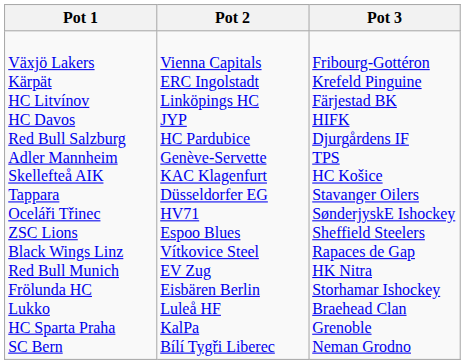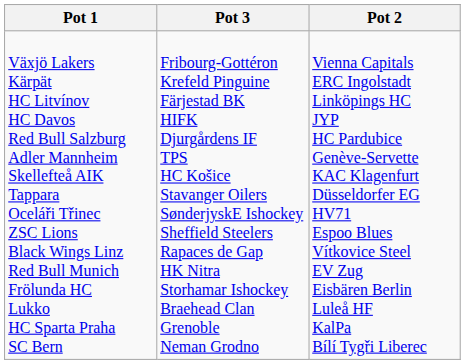 <table class="wikitable" style="font-size: 95%;">
 <tr>
 <th width=33%>Pot 1</th>
+<th width=33%>Pot 3</th>
 <th width=33%>Pot 2</th>
-<th width=33%>Pot 3</th>
 </tr>
 <tr>
 <td><br> <a href='#'>Växjö Lakers</a><br>  <a href='#'>Kärpät</a><br>  <a href='#'>HC Litvínov</a><br>  <a href='#'>HC Davos</a><br>  <a href='#'>Red Bull Salzburg</a><br>  <a href='#'>Adler Mannheim</a><br>  <a href='#'>Skellefteå AIK</a><br>  <a href='#'>Tappara</a><br>  <a href='#'>Oceláři Třinec</a><br>  <a href='#'>ZSC Lions</a><br>  <a href='#'>Black Wings Linz</a><br>  <a href='#'>Red Bull Munich</a><br>  <a href='#'>Frölunda HC</a><br>  <a href='#'>Lukko</a><br>  <a href='#'>HC Sparta Praha</a><br>  <a href='#'>SC Bern</a></td>
+<td><br> <a href='#'>Fribourg-Gottéron</a><br>  <a href='#'>Krefeld Pinguine</a><br>  <a href='#'>Färjestad BK</a><br>  <a href='#'>HIFK</a><br>  <a href='#'>Djurgårdens IF</a><br>  <a href='#'>TPS</a><br>  <a href='#'>HC Košice</a><br>  <a href='#'>Stavanger Oilers</a><br>  <a href='#'>SønderjyskE Ishockey</a><br>  <a href='#'>Sheffield Steelers</a><br>  <a href='#'>Rapaces de Gap</a><br>  <a href='#'>HK Nitra</a><br>  <a href='#'>Storhamar Ishockey</a><br>  <a href='#'>Braehead Clan</a><br>  <a href='#'>Grenoble</a><br>  <a href='#'>Neman Grodno</a></td>
 <td><br> <a href='#'>Vienna Capitals</a><br>  <a href='#'>ERC Ingolstadt</a><br>  <a href='#'>Linköpings HC</a><br>  <a href='#'>JYP</a><br>  <a href='#'>HC Pardubice</a><br>  <a href='#'>Genève-Servette</a><br>  <a href='#'>KAC Klagenfurt</a><br>  <a href='#'>Düsseldorfer EG</a><br>  <a href='#'>HV71</a><br>  <a href='#'>Espoo Blues</a><br>  <a href='#'>Vítkovice Steel</a><br>  <a href='#'>EV Zug</a><br>  <a href='#'>Eisbären Berlin</a><br>  <a href='#'>Luleå HF</a><br>  <a href='#'>KalPa</a><br>  <a href='#'>Bílí Tygři Liberec</a></td>
-<td><br> <a href='#'>Fribourg-Gottéron</a><br>  <a href='#'>Krefeld Pinguine</a><br>  <a href='#'>Färjestad BK</a><br>  <a href='#'>HIFK</a><br>  <a href='#'>Djurgårdens IF</a><br>  <a href='#'>TPS</a><br>  <a href='#'>HC Košice</a><br>  <a href='#'>Stavanger Oilers</a><br>  <a href='#'>SønderjyskE Ishockey</a><br>  <a href='#'>Sheffield Steelers</a><br>  <a href='#'>Rapaces de Gap</a><br>  <a href='#'>HK Nitra</a><br>  <a href='#'>Storhamar Ishockey</a><br>  <a href='#'>Braehead Clan</a><br>  <a href='#'>Grenoble</a><br>  <a href='#'>Neman Grodno</a></td>
 </tr>
 </table>
